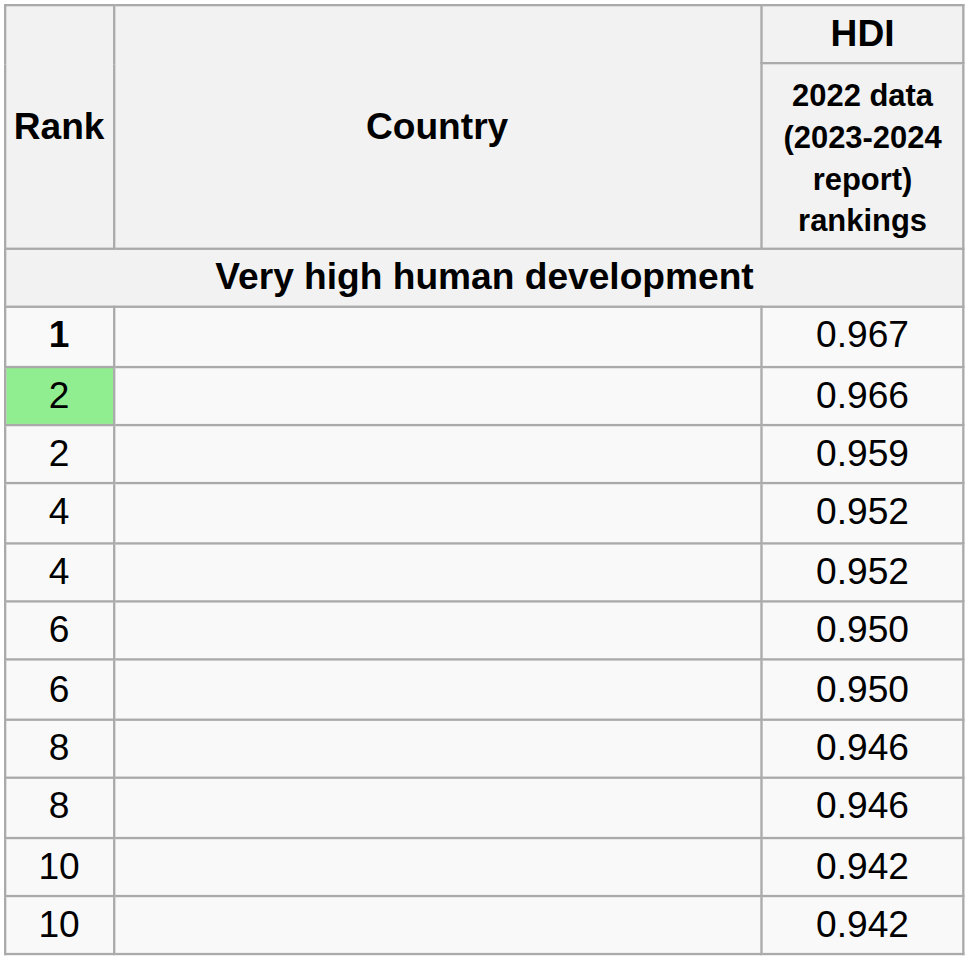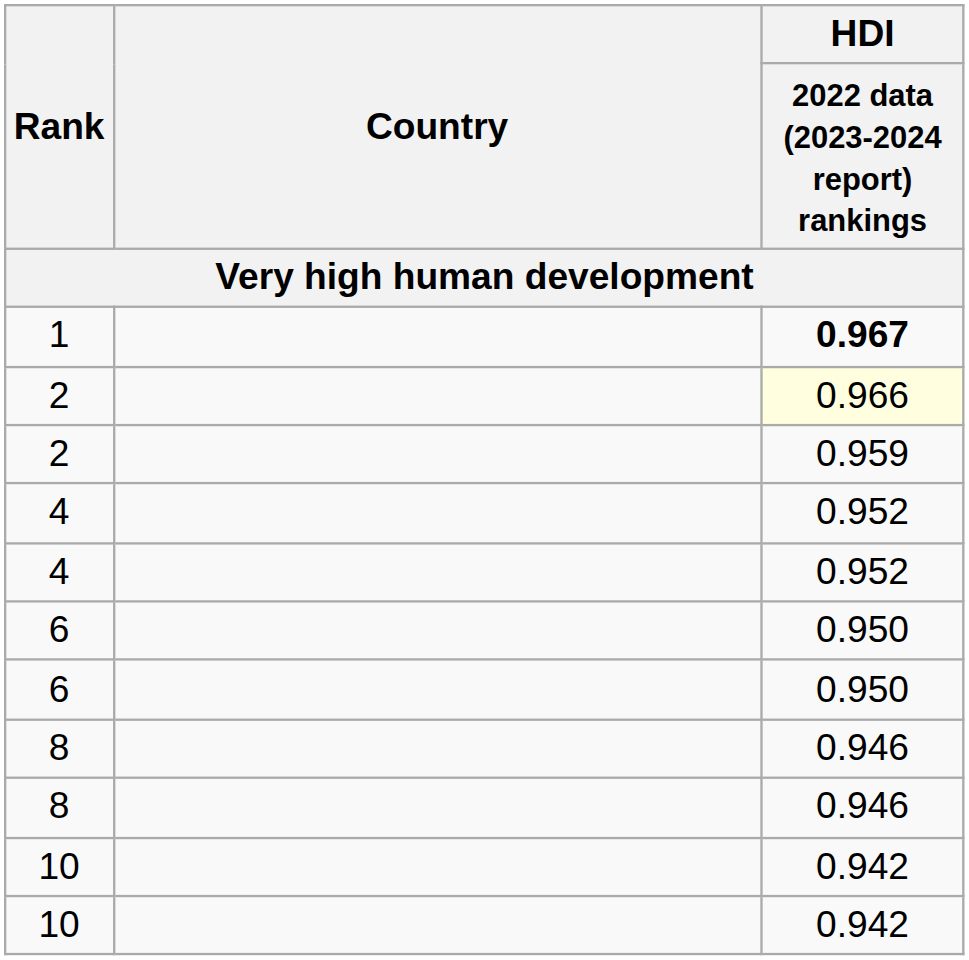 <table class="wikitable sortable" style="text-align:center">
 <tr>
 <th scope="col" rowspan="2">Rank</th>
 <th scope="col" rowspan="2" style="width:17em;">Country</th>
 <th scope="col" colspan="2">HDI</th>
 </tr>
 <tr>
 <th scope="col" style="width:5em;"><small>2022 data (2023-2024 report) rankings</small></th>
 </tr>
 <tr>
 <th scope="row" colspan="4">Very high human development</th>
 </tr>
 <tr>
-<td><strong>1</strong></td>
+<td>1</td>
 <td style="text-align:left"></td>
-<td>0.967</td>
+<td><strong>0.967</strong></td>
 </tr>
 <tr>
-<td style="background: lightgreen;">2</td>
+<td>2</td>
 <td style="text-align:left"></td>
-<td>0.966</td>
+<td style="background: lightyellow;">0.966</td>
 </tr>
 <tr>
 <td>2</td>
 <td style="text-align:left"></td>
 <td>0.959</td>
 </tr>
 <tr>
 <td>4</td>
 <td style="text-align:left"></td>
 <td>0.952</td>
 </tr>
 <tr>
 <td>4</td>
 <td style="text-align:left"></td>
 <td>0.952</td>
 </tr>
 <tr>
 <td>6</td>
 <td style="text-align:left"></td>
 <td>0.950</td>
 </tr>
 <tr>
 <td>6</td>
 <td style="text-align:left"></td>
 <td>0.950</td>
 </tr>
 <tr>
 <td>8</td>
 <td style="text-align:left"></td>
 <td>0.946</td>
 </tr>
 <tr>
 <td>8</td>
 <td style="text-align:left"></td>
 <td>0.946</td>
 </tr>
 <tr>
 <td>10</td>
 <td style="text-align:left"></td>
 <td>0.942</td>
 </tr>
 <tr>
 <td>10</td>
 <td style="text-align:left"></td>
 <td>0.942</td>
 </tr>
 </table>
